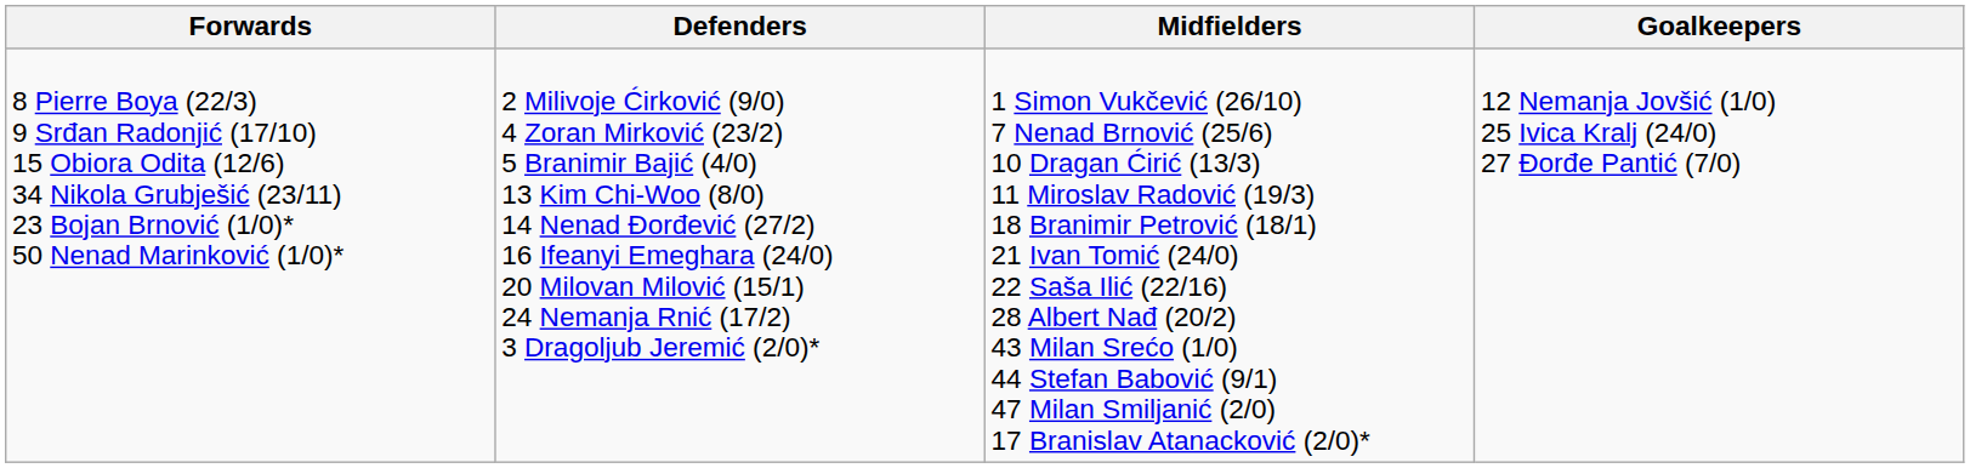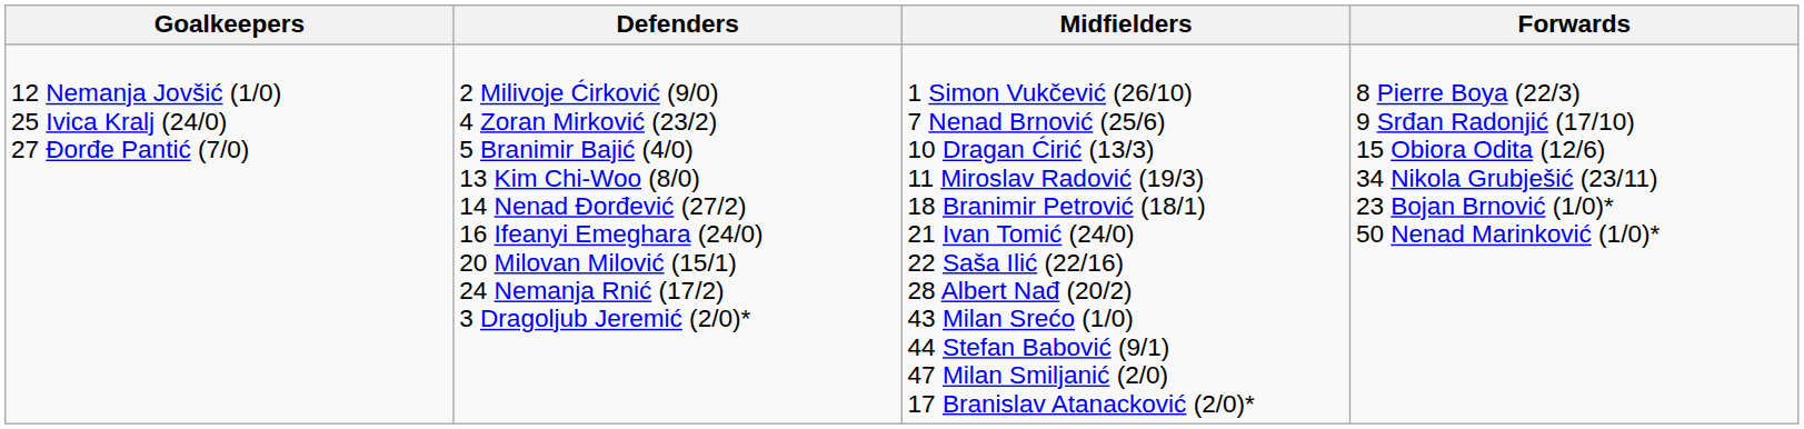 <table class="wikitable">
 <tr>
-<th width=20%><strong>Forwards</strong></th>
+<th width=20%><strong>Goalkeepers</strong></th>
 <th width=20%><strong>Defenders</strong></th>
 <th width=20%><strong>Midfielders</strong></th>
-<th width=20%><strong>Goalkeepers</strong></th>
+<th width=20%><strong>Forwards</strong></th>
 </tr>
 <tr>
-<td valign="top"><br>8  <a href='#'>Pierre Boya</a> (22/3) <br> 9  <a href='#'>Srđan Radonjić</a> (17/10) <br> 15  <a href='#'>Obiora Odita</a> (12/6) <br> 34  <a href='#'>Nikola Grubješić</a> (23/11) <br> 23  <a href='#'>Bojan Brnović</a> (1/0)* <br> 50  <a href='#'>Nenad Marinković</a> (1/0)* <br></td>
+<td valign="top"><br>12  <a href='#'>Nemanja Jovšić</a> (1/0) <br> 25  <a href='#'>Ivica Kralj</a> (24/0) <br> 27  <a href='#'>Đorđe Pantić</a> (7/0) <br></td>
 <td valign="top"><br>2  <a href='#'>Milivoje Ćirković</a> (9/0) <br> 4  <a href='#'>Zoran Mirković</a> (23/2) <br> 5  <a href='#'>Branimir Bajić</a> (4/0) <br> 13  <a href='#'>Kim Chi-Woo</a> (8/0) <br> 14  <a href='#'>Nenad Đorđević</a> (27/2) <br> 16  <a href='#'>Ifeanyi Emeghara</a> (24/0) <br> 20  <a href='#'>Milovan Milović</a> (15/1) <br> 24  <a href='#'>Nemanja Rnić</a> (17/2) <br> 3  <a href='#'>Dragoljub Jeremić</a> (2/0)*</td>
 <td><br>1  <a href='#'>Simon Vukčević</a> (26/10) <br> 7  <a href='#'>Nenad Brnović</a> (25/6) <br> 10  <a href='#'>Dragan Ćirić</a> (13/3) <br> 11  <a href='#'>Miroslav Radović</a> (19/3) <br> 18  <a href='#'>Branimir Petrović</a> (18/1) <br> 21  <a href='#'>Ivan Tomić</a> (24/0) <br> 22  <a href='#'>Saša Ilić</a> (22/16) <br> 28  <a href='#'>Albert Nađ</a> (20/2) <br> 43  <a href='#'>Milan Srećo</a> (1/0) <br> 44  <a href='#'>Stefan Babović</a> (9/1) <br> 47  <a href='#'>Milan Smiljanić</a> (2/0) <br> 17  <a href='#'>Branislav Atanacković</a> (2/0)* <br></td>
-<td valign="top"><br>12  <a href='#'>Nemanja Jovšić</a> (1/0) <br> 25  <a href='#'>Ivica Kralj</a> (24/0) <br> 27  <a href='#'>Đorđe Pantić</a> (7/0) <br></td>
+<td valign="top"><br>8  <a href='#'>Pierre Boya</a> (22/3) <br> 9  <a href='#'>Srđan Radonjić</a> (17/10) <br> 15  <a href='#'>Obiora Odita</a> (12/6) <br> 34  <a href='#'>Nikola Grubješić</a> (23/11) <br> 23  <a href='#'>Bojan Brnović</a> (1/0)* <br> 50  <a href='#'>Nenad Marinković</a> (1/0)* <br></td>
 </tr>
 </table>
